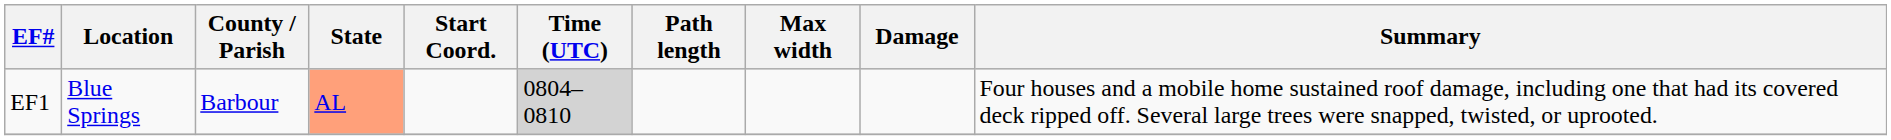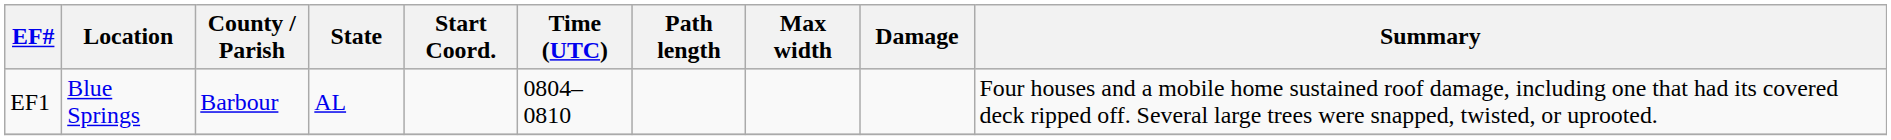 <table class="wikitable sortable" style="width:100%;">
 <tr>
 <th scope="col" width="3%" align="center"><a href='#'>EF#</a></th>
 <th scope="col" width="7%" align="center" class="unsortable">Location</th>
 <th scope="col" width="6%" align="center" class="unsortable">County / Parish</th>
 <th scope="col" width="5%" align="center">State</th>
 <th scope="col" width="6%" align="center">Start Coord.</th>
 <th scope="col" width="6%" align="center">Time (<a href='#'>UTC</a>)</th>
 <th scope="col" width="6%" align="center">Path length</th>
 <th scope="col" width="6%" align="center">Max width</th>
 <th scope="col" width="6%" align="center">Damage</th>
 <th scope="col" width="48%" class="unsortable" align="center">Summary</th>
 </tr>
 <tr>
 <td>EF1</td>
 <td><a href='#'>Blue Springs</a></td>
 <td><a href='#'>Barbour</a></td>
-<td style="background: lightsalmon;"><a href='#'>AL</a></td>
+<td><a href='#'>AL</a></td>
 <td></td>
-<td style="background: lightgrey;">0804–0810</td>
+<td>0804–0810</td>
 <td></td>
 <td></td>
 <td></td>
 <td>Four houses and a mobile home sustained roof damage, including one that had its covered deck ripped off. Several large trees were snapped, twisted, or uprooted.</td>
 </tr>
 <tr>
 </tr>
 </table>
